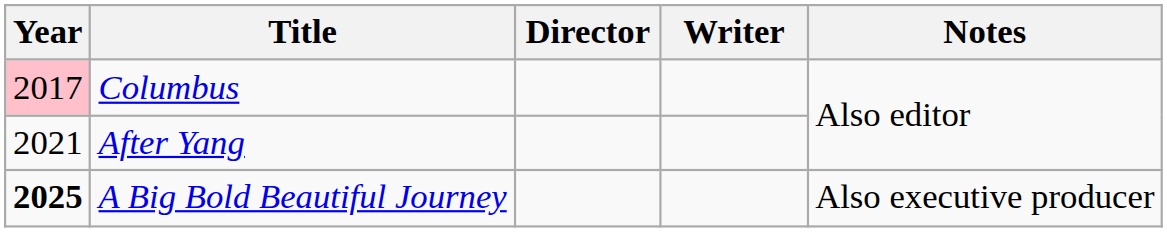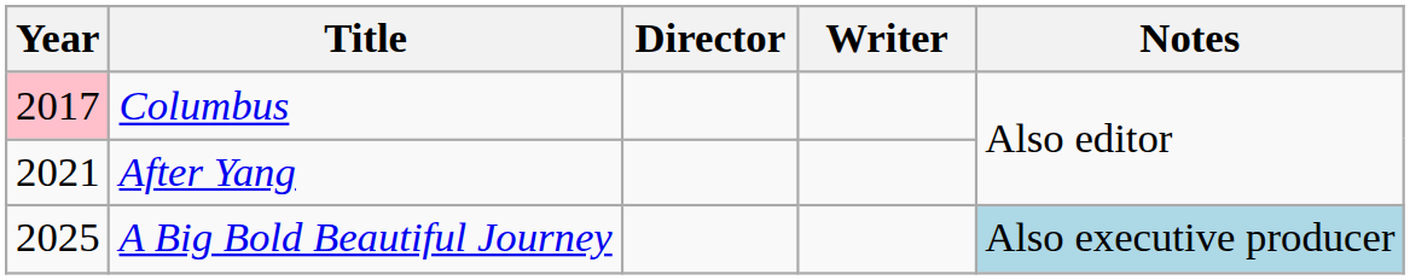 <table class="wikitable">
 <tr>
 <th>Year</th>
 <th>Title</th>
 <th width=60>Director</th>
 <th width=60>Writer</th>
 <th>Notes</th>
 </tr>
 <tr>
 <td style="background: pink;">2017</td>
 <td><em><a href='#'>Columbus</a></em></td>
 <td></td>
 <td></td>
 <td rowspan=2>Also editor</td>
 </tr>
 <tr>
 <td>2021</td>
 <td><em><a href='#'>After Yang</a></em></td>
 <td></td>
 <td></td>
 </tr>
 <tr>
-<td><strong>2025</strong></td>
+<td>2025</td>
 <td><em><a href='#'>A Big Bold Beautiful Journey</a></em></td>
 <td></td>
 <td></td>
-<td>Also executive producer</td>
+<td style="background: lightblue;">Also executive producer</td>
 </tr>
 </table>
